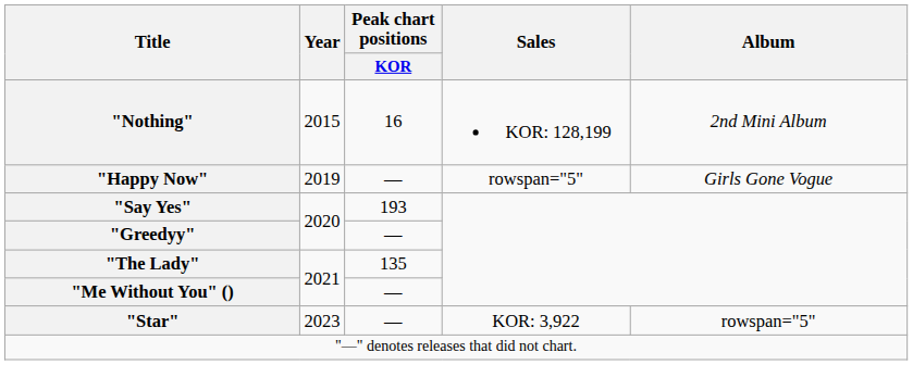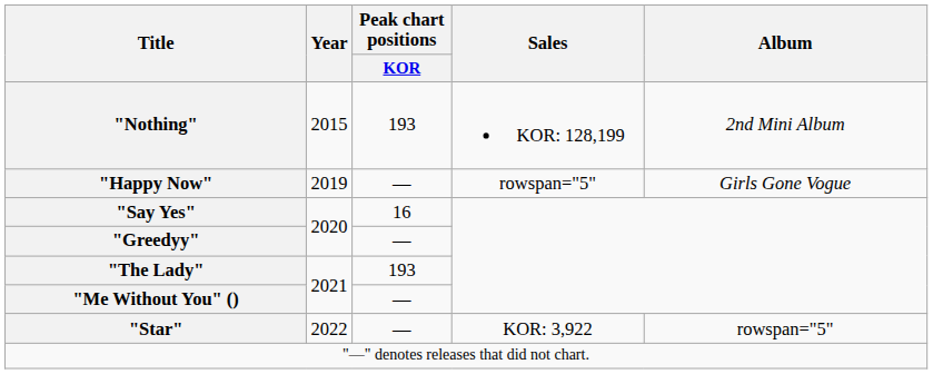 <table class="wikitable plainrowheaders" style="text-align:center" border="1">
 <tr>
 <th scope="col" rowspan="2" style="width:16em">Title</th>
 <th scope="col" rowspan="2">Year</th>
 <th scope="col" style="width:5em">Peak chart positions</th>
 <th scope="col" rowspan="2" style="width:10em">Sales</th>
 <th scope="col" rowspan="2" style="width:15em">Album</th>
 </tr>
 <tr>
 <th scope="col" style="width:3em;font-size:90%"><a href='#'>KOR</a><br></th>
 </tr>
 <tr>
 <th scope="row">"Nothing"<br></th>
 <td>2015</td>
-<td>16</td>
+<td>193</td>
 <td><br><ul><li>KOR: 128,199</li></ul></td>
 <td><em>2nd Mini Album</em></td>
 </tr>
 <tr>
 <th scope="row">"Happy Now"<br></th>
 <td>2019</td>
 <td>—</td>
 <td>rowspan="5" </td>
 <td><em>Girls Gone Vogue</em></td>
 </tr>
 <tr>
 <th scope="row">"Say Yes"<br></th>
 <td rowspan="2">2020</td>
-<td>193</td>
+<td>16</td>
 </tr>
 <tr>
 <th scope="row">"Greedyy"<br></th>
 <td>—</td>
 </tr>
 <tr>
 <th scope="row">"The Lady"<br></th>
 <td rowspan="2">2021</td>
-<td>135</td>
+<td>193</td>
 </tr>
 <tr>
 <th scope="row">"Me Without You" ()<br></th>
 <td>—</td>
 </tr>
 <tr>
 <th scope="row">"Star"<br></th>
-<td>2023</td>
+<td>2022</td>
 <td>—</td>
 <td>KOR: 3,922</td>
 <td>rowspan="5" </td>
 </tr>
 <tr>
 <td colspan="5" style="font-size:85%">"—" denotes releases that did not chart.</td>
 </tr>
 </table>
